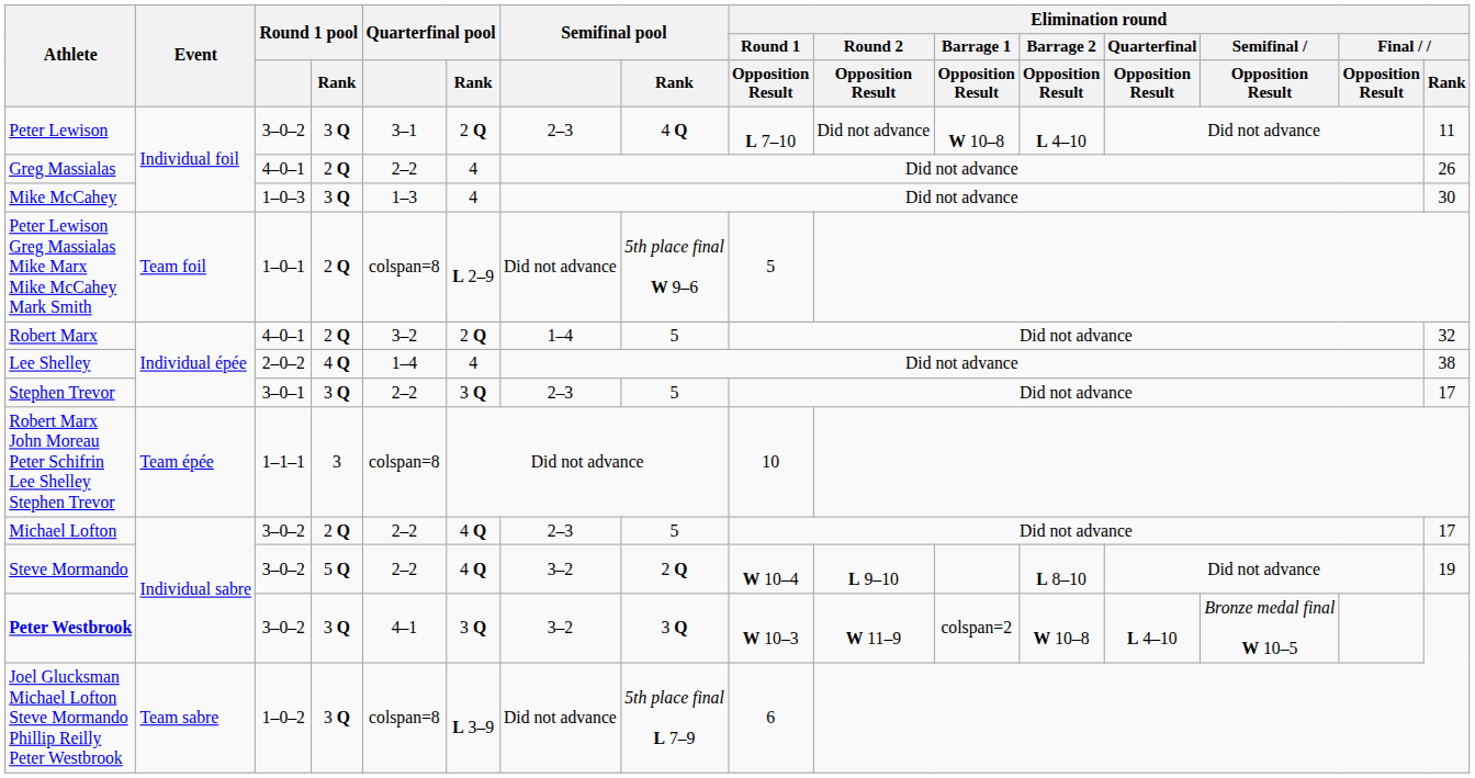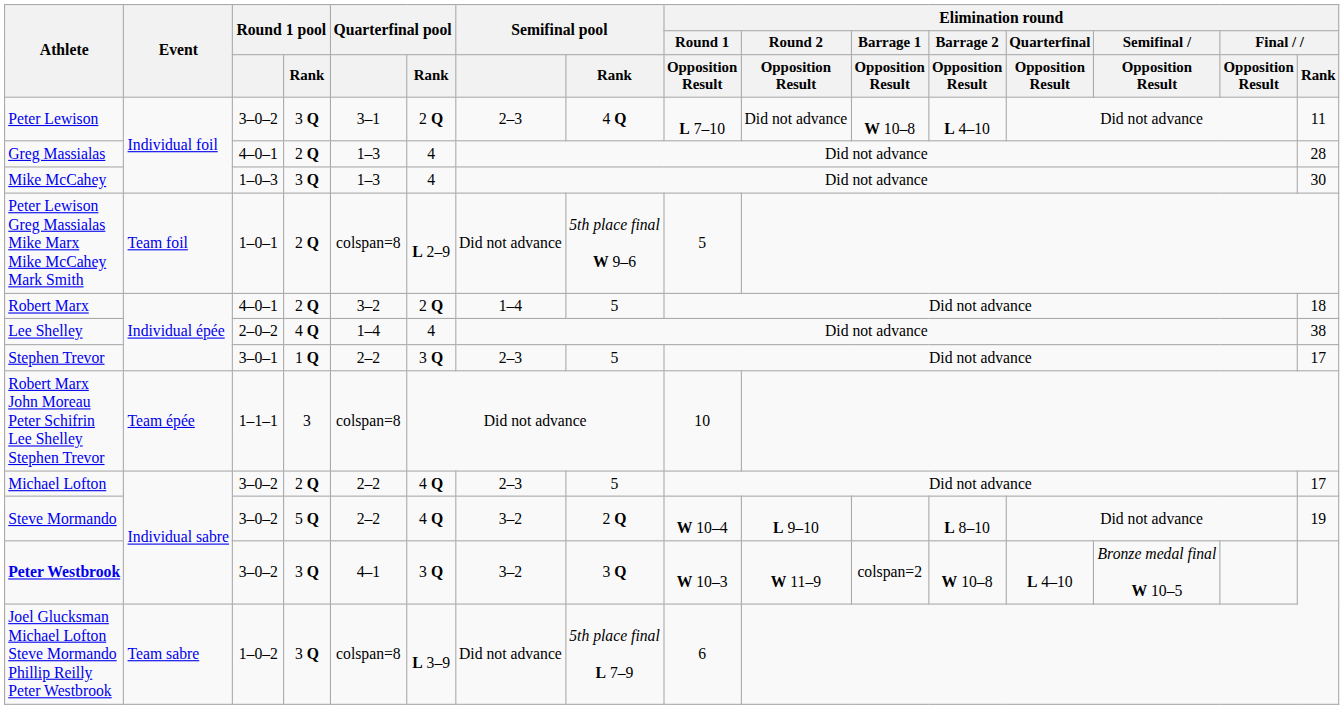 <table class=wikitable style=font-size:90%;text-align:center>
 <tr>
 <th rowspan=3>Athlete</th>
 <th rowspan=3>Event</th>
 <th colspan=2 rowspan=2>Round 1 pool</th>
 <th colspan=2 rowspan=2>Quarterfinal pool</th>
 <th colspan=2 rowspan=2>Semifinal pool</th>
 <th colspan=8>Elimination round</th>
 </tr>
 <tr style=font-size:95%>
 <th>Round 1</th>
 <th>Round 2</th>
 <th>Barrage 1</th>
 <th>Barrage 2</th>
 <th>Quarterfinal</th>
 <th>Semifinal / </th>
 <th colspan=2>Final /  / </th>
 </tr>
 <tr style=font-size:95%>
 <th></th>
 <th>Rank</th>
 <th></th>
 <th>Rank</th>
 <th></th>
 <th>Rank</th>
 <th>Opposition<br>Result</th>
 <th>Opposition<br>Result</th>
 <th>Opposition<br>Result</th>
 <th>Opposition<br>Result</th>
 <th>Opposition<br>Result</th>
 <th>Opposition<br>Result</th>
 <th>Opposition<br>Result</th>
 <th>Rank</th>
 </tr>
 <tr>
 <td align=left><a href='#'>Peter Lewison</a></td>
 <td align=left rowspan=3><a href='#'>Individual foil</a></td>
 <td>3–0–2</td>
 <td>3 <strong>Q</strong></td>
 <td>3–1</td>
 <td>2 <strong>Q</strong></td>
 <td>2–3</td>
 <td>4 <strong>Q</strong></td>
 <td><br><strong>L</strong> 7–10</td>
 <td>Did not advance</td>
 <td><br><strong>W</strong> 10–8</td>
 <td><br><strong>L</strong> 4–10</td>
 <td colspan=3>Did not advance</td>
 <td>11</td>
 </tr>
 <tr>
 <td align=left><a href='#'>Greg Massialas</a></td>
 <td>4–0–1</td>
 <td>2 <strong>Q</strong></td>
-<td>2–2</td>
+<td>1–3</td>
 <td>4</td>
 <td colspan=9>Did not advance</td>
-<td>26</td>
+<td>28</td>
 </tr>
 <tr>
 <td align=left><a href='#'>Mike McCahey</a></td>
 <td>1–0–3</td>
 <td>3 <strong>Q</strong></td>
 <td>1–3</td>
 <td>4</td>
 <td colspan=9>Did not advance</td>
 <td>30</td>
 </tr>
 <tr>
 <td align=left><a href='#'>Peter Lewison</a><br><a href='#'>Greg Massialas</a><br><a href='#'>Mike Marx</a><br><a href='#'>Mike McCahey</a><br><a href='#'>Mark Smith</a></td>
 <td align=left><a href='#'>Team foil</a></td>
 <td>1–0–1</td>
 <td>2 <strong>Q</strong></td>
 <td>colspan=8 </td>
 <td><br><strong>L</strong> 2–9</td>
 <td>Did not advance</td>
 <td><em>5th place final</em><br><br><strong>W</strong> 9–6</td>
 <td>5</td>
 </tr>
 <tr>
 <td align=left><a href='#'>Robert Marx</a></td>
 <td align=left rowspan=3><a href='#'>Individual épée</a></td>
 <td>4–0–1</td>
 <td>2 <strong>Q</strong></td>
 <td>3–2</td>
 <td>2 <strong>Q</strong></td>
 <td>1–4</td>
 <td>5</td>
 <td colspan=7>Did not advance</td>
-<td>32</td>
+<td>18</td>
 </tr>
 <tr>
 <td align=left><a href='#'>Lee Shelley</a></td>
 <td>2–0–2</td>
 <td>4 <strong>Q</strong></td>
 <td>1–4</td>
 <td>4</td>
 <td colspan=9>Did not advance</td>
 <td>38</td>
 </tr>
 <tr>
 <td align=left><a href='#'>Stephen Trevor</a></td>
 <td>3–0–1</td>
-<td>3 <strong>Q</strong></td>
+<td>1 <strong>Q</strong></td>
 <td>2–2</td>
 <td>3 <strong>Q</strong></td>
 <td>2–3</td>
 <td>5</td>
 <td colspan=7>Did not advance</td>
 <td>17</td>
 </tr>
 <tr>
 <td align=left><a href='#'>Robert Marx</a><br><a href='#'>John Moreau</a><br><a href='#'>Peter Schifrin</a><br><a href='#'>Lee Shelley</a><br><a href='#'>Stephen Trevor</a></td>
 <td align=left><a href='#'>Team épée</a></td>
 <td>1–1–1</td>
 <td>3</td>
 <td>colspan=8 </td>
 <td colspan=3>Did not advance</td>
 <td>10</td>
 </tr>
 <tr>
 <td align=left><a href='#'>Michael Lofton</a></td>
 <td align=left rowspan=3><a href='#'>Individual sabre</a></td>
 <td>3–0–2</td>
 <td>2 <strong>Q</strong></td>
 <td>2–2</td>
 <td>4 <strong>Q</strong></td>
 <td>2–3</td>
 <td>5</td>
 <td colspan=7>Did not advance</td>
 <td>17</td>
 </tr>
 <tr>
 <td align=left><a href='#'>Steve Mormando</a></td>
 <td>3–0–2</td>
 <td>5 <strong>Q</strong></td>
 <td>2–2</td>
 <td>4 <strong>Q</strong></td>
 <td>3–2</td>
 <td>2 <strong>Q</strong></td>
 <td><br><strong>W</strong> 10–4</td>
 <td><br><strong>L</strong> 9–10</td>
 <td></td>
 <td><br><strong>L</strong> 8–10</td>
 <td colspan=3>Did not advance</td>
 <td>19</td>
 </tr>
 <tr>
 <td align=left><strong><a href='#'>Peter Westbrook</a></strong></td>
 <td>3–0–2</td>
 <td>3 <strong>Q</strong></td>
 <td>4–1</td>
 <td>3 <strong>Q</strong></td>
 <td>3–2</td>
 <td>3 <strong>Q</strong></td>
 <td><br><strong>W</strong> 10–3</td>
 <td><br><strong>W</strong> 11–9</td>
 <td>colspan=2 </td>
 <td><br><strong>W</strong> 10–8</td>
 <td><br><strong>L</strong> 4–10</td>
 <td><em>Bronze medal final</em><br><br><strong>W</strong> 10–5</td>
 <td></td>
 </tr>
 <tr>
 <td align=left><a href='#'>Joel Glucksman</a><br><a href='#'>Michael Lofton</a><br><a href='#'>Steve Mormando</a><br><a href='#'>Phillip Reilly</a><br><a href='#'>Peter Westbrook</a></td>
 <td align=left><a href='#'>Team sabre</a></td>
 <td>1–0–2</td>
 <td>3 <strong>Q</strong></td>
 <td>colspan=8 </td>
 <td><br><strong>L</strong> 3–9</td>
 <td>Did not advance</td>
 <td><em>5th place final</em><br><br><strong>L</strong> 7–9</td>
 <td>6</td>
 </tr>
 </table>
